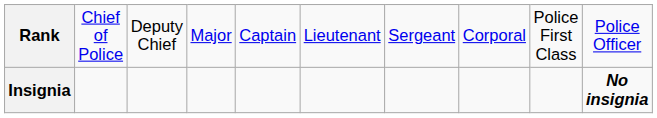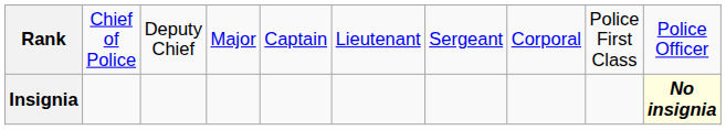 <table class="wikitable">
 <tr style="text-align:center;">
 <th>Rank</th>
 <td><a href='#'>Chief of Police</a></td>
 <td>Deputy Chief</td>
 <td><a href='#'>Major</a></td>
 <td><a href='#'>Captain</a></td>
 <td><a href='#'>Lieutenant</a></td>
 <td><a href='#'>Sergeant</a></td>
 <td><a href='#'>Corporal</a></td>
 <td>Police First Class</td>
 <td><a href='#'>Police Officer</a></td>
 </tr>
 <tr style="text-align:center;">
 <th>Insignia</th>
 <td></td>
 <td></td>
 <td></td>
 <td></td>
 <td></td>
 <td></td>
 <td></td>
 <td></td>
-<td><strong><em>No insignia</em></strong></td>
+<td style="background: lightyellow;"><strong><em>No insignia</em></strong></td>
 </tr>
 </table>
